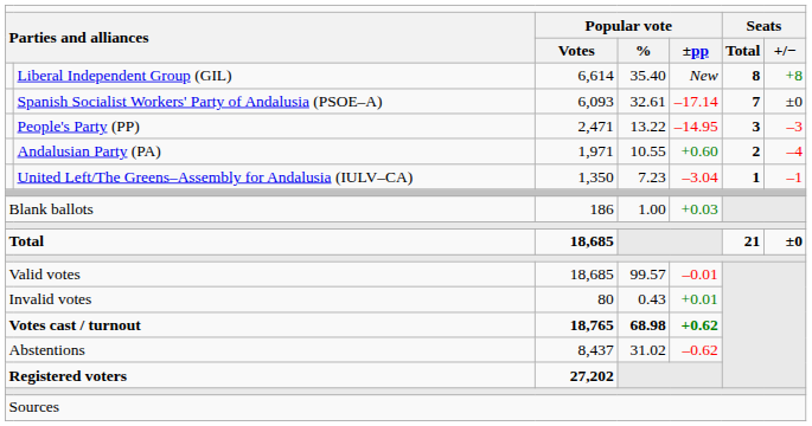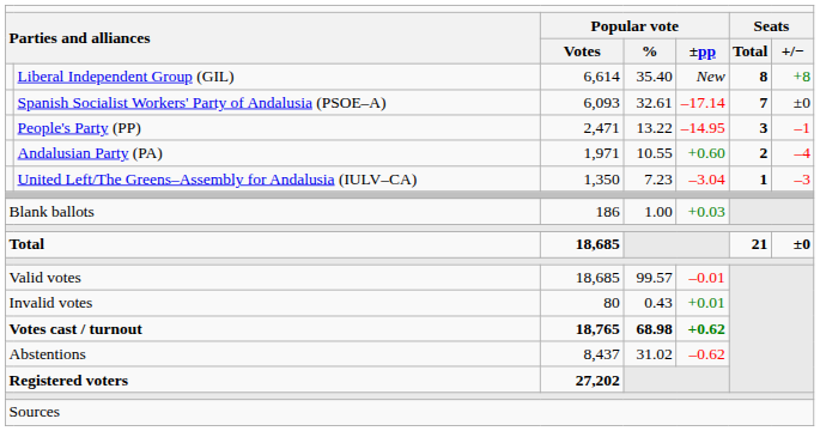 <table class="wikitable" style="text-align:right;">
 <tr>
 <td colspan="7"></td>
 </tr>
 <tr>
 <th style="text-align:left;" rowspan="2" colspan="2" width="525">Parties and alliances</th>
 <th colspan="3">Popular vote</th>
 <th colspan="2">Seats</th>
 </tr>
 <tr>
 <th width="75">Votes</th>
 <th width="45">%</th>
 <th width="45">±<a href='#'>pp</a></th>
 <th width="35">Total</th>
 <th width="35">+/−</th>
 </tr>
 <tr>
 <td width="1" style="color:inherit;background:"></td>
 <td align="left"><a href='#'>Liberal Independent Group</a> (GIL)</td>
 <td>6,614</td>
 <td>35.40</td>
 <td><em>New</em></td>
 <td><strong>8</strong></td>
 <td style="color:green;">+8</td>
 </tr>
 <tr>
 <td style="color:inherit;background:"></td>
 <td align="left"><a href='#'>Spanish Socialist Workers' Party of Andalusia</a> (PSOE–A)</td>
 <td>6,093</td>
 <td>32.61</td>
 <td style="color:red;">–17.14</td>
 <td><strong>7</strong></td>
 <td>±0</td>
 </tr>
 <tr>
 <td style="color:inherit;background:"></td>
 <td align="left"><a href='#'>People's Party</a> (PP)</td>
 <td>2,471</td>
 <td>13.22</td>
 <td style="color:red;">–14.95</td>
 <td><strong>3</strong></td>
-<td style="color:red;">–3</td>
+<td style="color:red;">–1</td>
 </tr>
 <tr>
 <td style="color:inherit;background:"></td>
 <td align="left"><a href='#'>Andalusian Party</a> (PA)</td>
 <td>1,971</td>
 <td>10.55</td>
 <td style="color:green;">+0.60</td>
 <td><strong>2</strong></td>
 <td style="color:red;">–4</td>
 </tr>
 <tr>
 <td style="color:inherit;background:"></td>
 <td align="left"><a href='#'>United Left/The Greens–Assembly for Andalusia</a> (IULV–CA)</td>
 <td>1,350</td>
 <td>7.23</td>
 <td style="color:red;">–3.04</td>
 <td><strong>1</strong></td>
-<td style="color:red;">–1</td>
+<td style="color:red;">–3</td>
 </tr>
 <tr>
 <td colspan="7" bgcolor="#C0C0C0"></td>
 </tr>
 <tr>
 <td align="left" colspan="2">Blank ballots</td>
 <td>186</td>
 <td>1.00</td>
 <td style="color:green;">+0.03</td>
 <td bgcolor="#E9E9E9" colspan="2"></td>
 </tr>
 <tr>
 <td colspan="7" bgcolor="#E9E9E9"></td>
 </tr>
 <tr style="font-weight:bold;">
 <td align="left" colspan="2">Total</td>
 <td>18,685</td>
 <td bgcolor="#E9E9E9" colspan="2"></td>
 <td>21</td>
 <td>±0</td>
 </tr>
 <tr>
 <td colspan="7" bgcolor="#E9E9E9"></td>
 </tr>
 <tr>
 <td align="left" colspan="2">Valid votes</td>
 <td>18,685</td>
 <td>99.57</td>
 <td style="color:red;">–0.01</td>
 <td bgcolor="#E9E9E9" colspan="2" rowspan="5"></td>
 </tr>
 <tr>
 <td align="left" colspan="2">Invalid votes</td>
 <td>80</td>
 <td>0.43</td>
 <td style="color:green;">+0.01</td>
 </tr>
 <tr style="font-weight:bold;">
 <td align="left" colspan="2">Votes cast / turnout</td>
 <td>18,765</td>
 <td>68.98</td>
 <td style="color:green;">+0.62</td>
 </tr>
 <tr>
 <td align="left" colspan="2">Abstentions</td>
 <td>8,437</td>
 <td>31.02</td>
 <td style="color:red;">–0.62</td>
 </tr>
 <tr style="font-weight:bold;">
 <td align="left" colspan="2">Registered voters</td>
 <td>27,202</td>
 <td bgcolor="#E9E9E9" colspan="2"></td>
 </tr>
 <tr>
 <td colspan="7" bgcolor="#E9E9E9"></td>
 </tr>
 <tr>
 <td align="left" colspan="7">Sources</td>
 </tr>
 </table>
